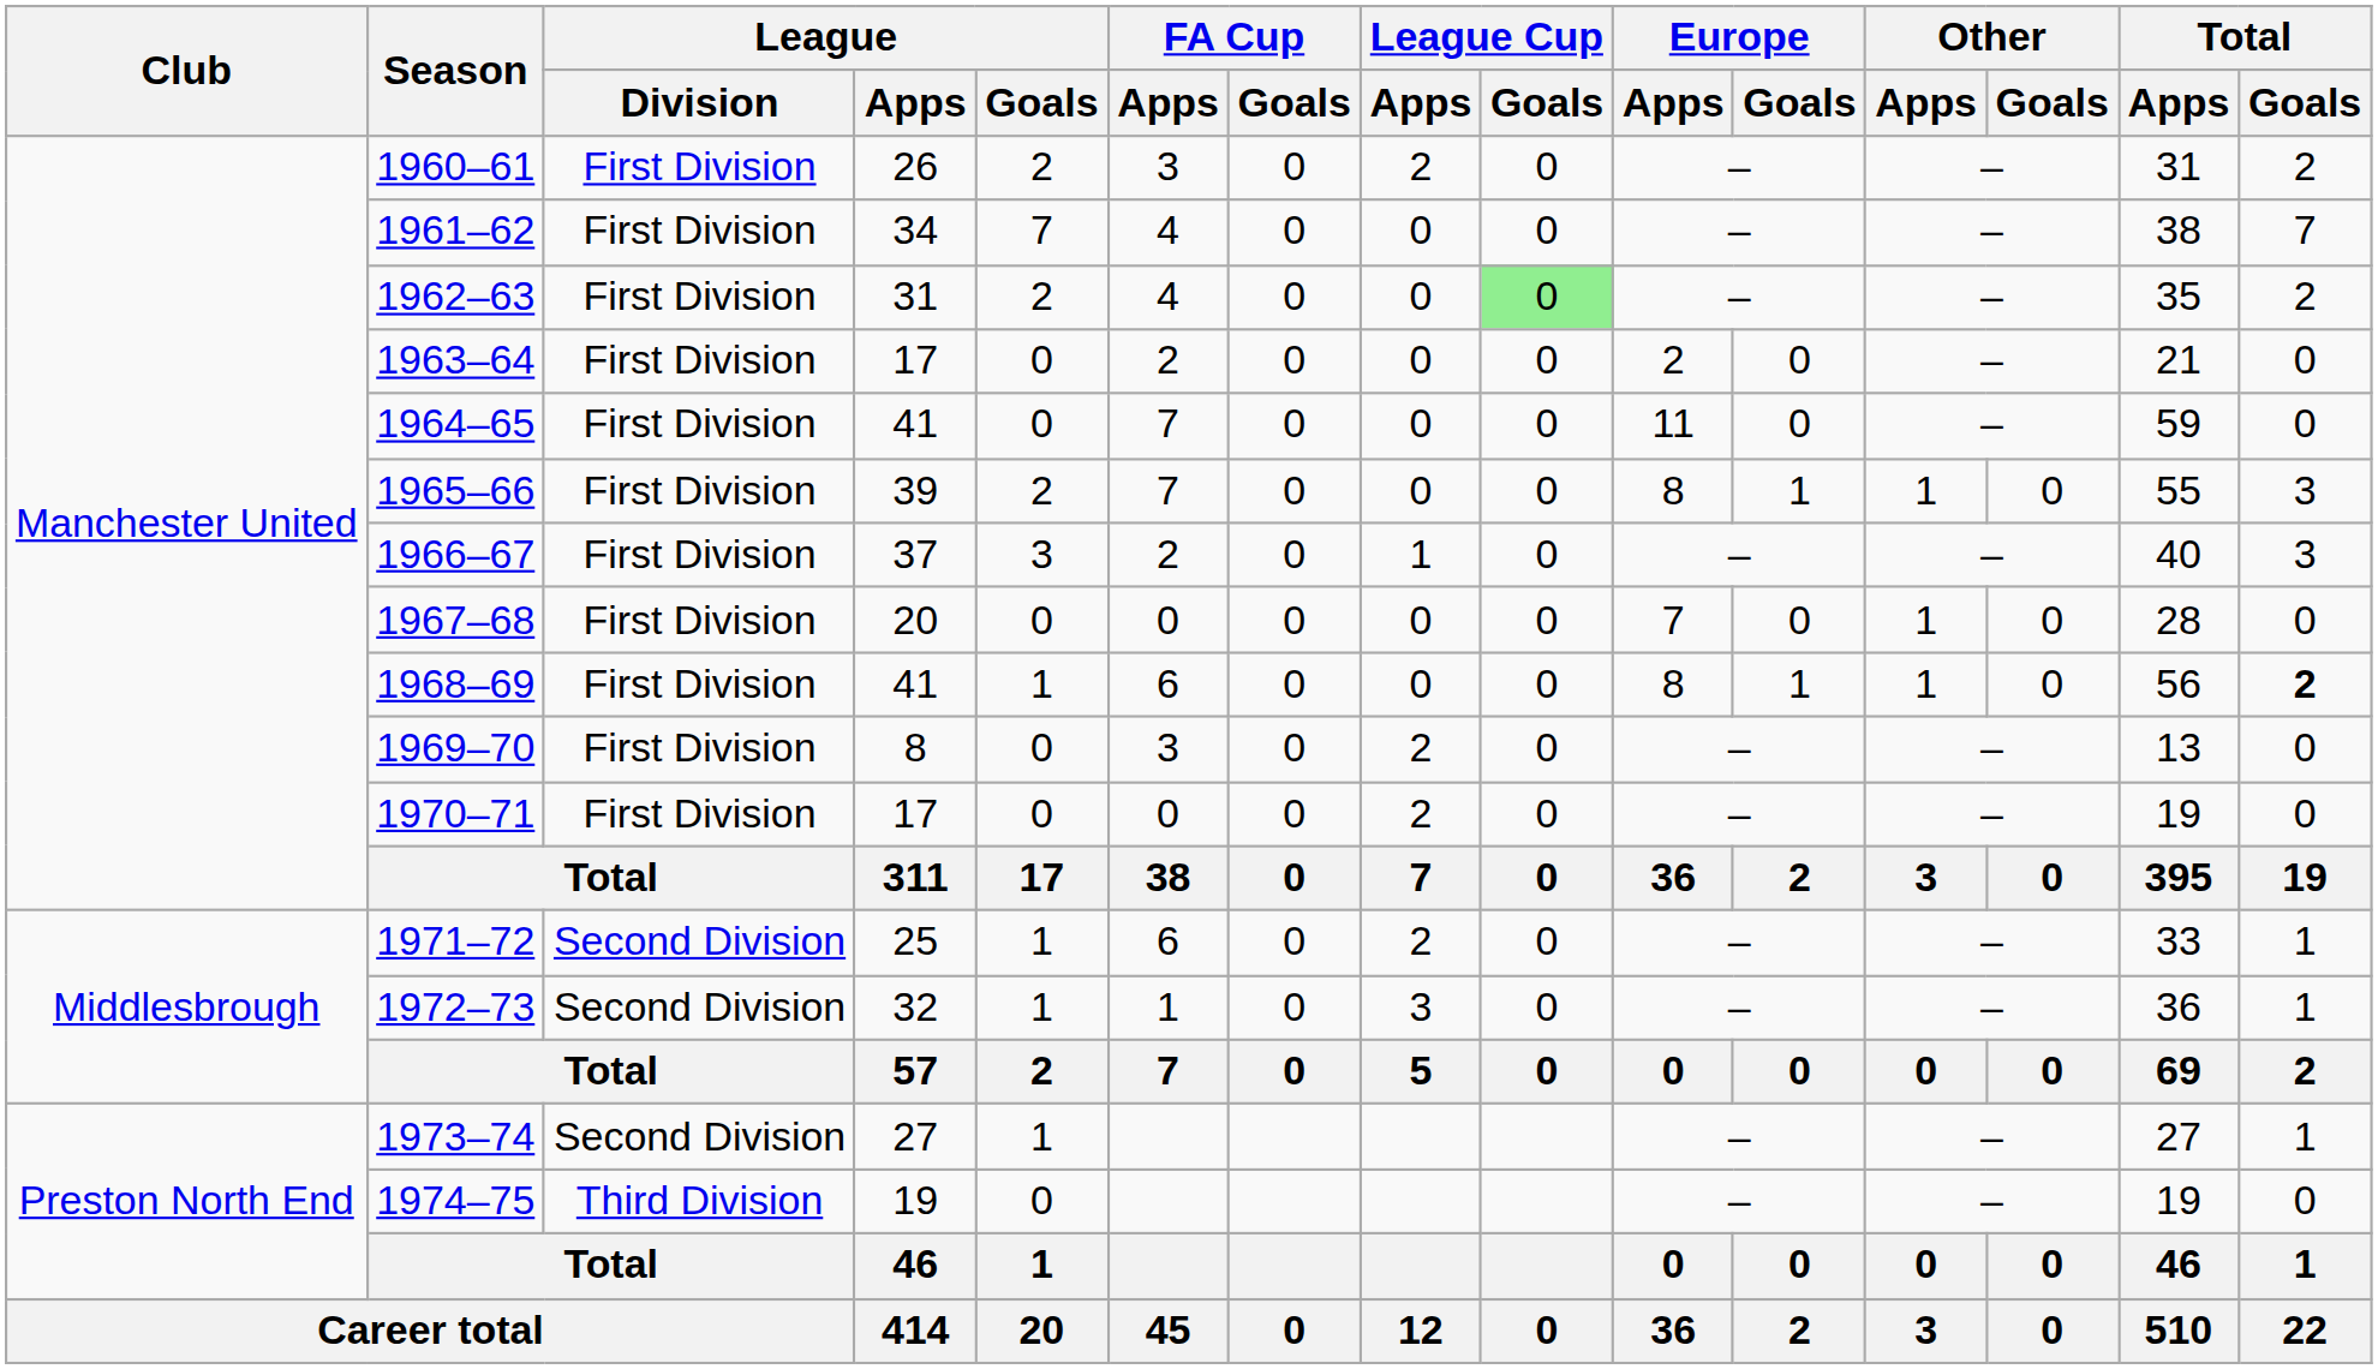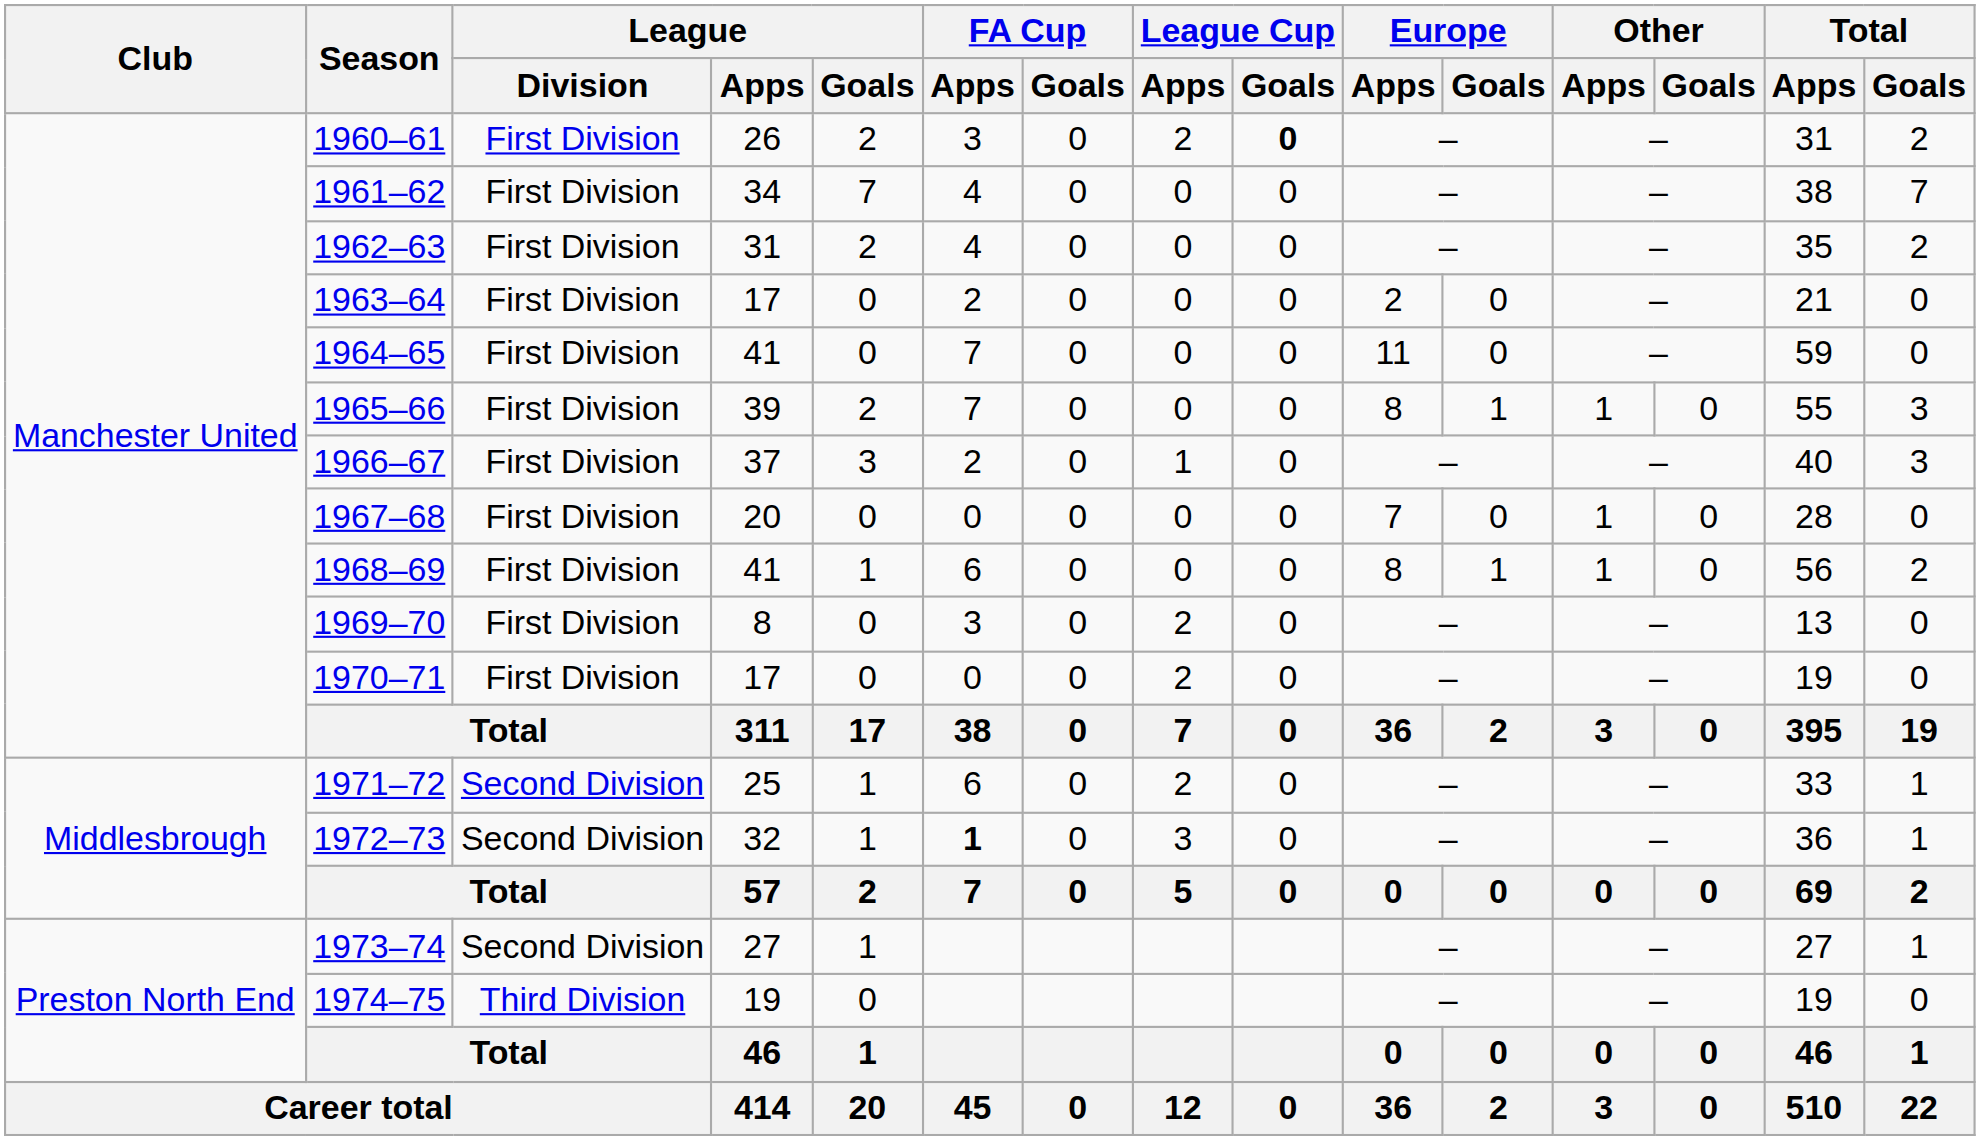 <table class="wikitable" style="text-align:center">
 <tr>
 <th rowspan="2">Club</th>
 <th rowspan="2">Season</th>
 <th colspan="3">League</th>
 <th colspan="2"><a href='#'>FA Cup</a></th>
 <th colspan="2"><a href='#'>League Cup</a></th>
 <th colspan="2"><a href='#'>Europe</a></th>
 <th colspan="2">Other</th>
 <th colspan="2">Total</th>
 </tr>
 <tr>
 <th>Division</th>
 <th>Apps</th>
 <th>Goals</th>
 <th>Apps</th>
 <th>Goals</th>
 <th>Apps</th>
 <th>Goals</th>
 <th>Apps</th>
 <th>Goals</th>
 <th>Apps</th>
 <th>Goals</th>
 <th>Apps</th>
 <th>Goals</th>
 </tr>
 <tr>
 <td rowspan="12"><a href='#'>Manchester United</a></td>
 <td><a href='#'>1960–61</a></td>
 <td><a href='#'>First Division</a></td>
 <td>26</td>
 <td>2</td>
 <td>3</td>
 <td>0</td>
 <td>2</td>
-<td>0</td>
+<td><strong>0</strong></td>
 <td colspan="2">–</td>
 <td colspan="2">–</td>
 <td>31</td>
 <td>2</td>
 </tr>
 <tr>
 <td><a href='#'>1961–62</a></td>
 <td>First Division</td>
 <td>34</td>
 <td>7</td>
 <td>4</td>
 <td>0</td>
 <td>0</td>
 <td>0</td>
 <td colspan="2">–</td>
 <td colspan="2">–</td>
 <td>38</td>
 <td>7</td>
 </tr>
 <tr>
 <td><a href='#'>1962–63</a></td>
 <td>First Division</td>
 <td>31</td>
 <td>2</td>
 <td>4</td>
 <td>0</td>
 <td>0</td>
-<td style="background: lightgreen;">0</td>
+<td>0</td>
 <td colspan="2">–</td>
 <td colspan="2">–</td>
 <td>35</td>
 <td>2</td>
 </tr>
 <tr>
 <td><a href='#'>1963–64</a></td>
 <td>First Division</td>
 <td>17</td>
 <td>0</td>
 <td>2</td>
 <td>0</td>
 <td>0</td>
 <td>0</td>
 <td>2</td>
 <td>0</td>
 <td colspan="2">–</td>
 <td>21</td>
 <td>0</td>
 </tr>
 <tr>
 <td><a href='#'>1964–65</a></td>
 <td>First Division</td>
 <td>41</td>
 <td>0</td>
 <td>7</td>
 <td>0</td>
 <td>0</td>
 <td>0</td>
 <td>11</td>
 <td>0</td>
 <td colspan="2">–</td>
 <td>59</td>
 <td>0</td>
 </tr>
 <tr>
 <td><a href='#'>1965–66</a></td>
 <td>First Division</td>
 <td>39</td>
 <td>2</td>
 <td>7</td>
 <td>0</td>
 <td>0</td>
 <td>0</td>
 <td>8</td>
 <td>1</td>
 <td>1</td>
 <td>0</td>
 <td>55</td>
 <td>3</td>
 </tr>
 <tr>
 <td><a href='#'>1966–67</a></td>
 <td>First Division</td>
 <td>37</td>
 <td>3</td>
 <td>2</td>
 <td>0</td>
 <td>1</td>
 <td>0</td>
 <td colspan="2">–</td>
 <td colspan="2">–</td>
 <td>40</td>
 <td>3</td>
 </tr>
 <tr>
 <td><a href='#'>1967–68</a></td>
 <td>First Division</td>
 <td>20</td>
 <td>0</td>
 <td>0</td>
 <td>0</td>
 <td>0</td>
 <td>0</td>
 <td>7</td>
 <td>0</td>
 <td>1</td>
 <td>0</td>
 <td>28</td>
 <td>0</td>
 </tr>
 <tr>
 <td><a href='#'>1968–69</a></td>
 <td>First Division</td>
 <td>41</td>
 <td>1</td>
 <td>6</td>
 <td>0</td>
 <td>0</td>
 <td>0</td>
 <td>8</td>
 <td>1</td>
 <td>1</td>
 <td>0</td>
 <td>56</td>
-<td><strong>2</strong></td>
+<td>2</td>
 </tr>
 <tr>
 <td><a href='#'>1969–70</a></td>
 <td>First Division</td>
 <td>8</td>
 <td>0</td>
 <td>3</td>
 <td>0</td>
 <td>2</td>
 <td>0</td>
 <td colspan="2">–</td>
 <td colspan="2">–</td>
 <td>13</td>
 <td>0</td>
 </tr>
 <tr>
 <td><a href='#'>1970–71</a></td>
 <td>First Division</td>
 <td>17</td>
 <td>0</td>
 <td>0</td>
 <td>0</td>
 <td>2</td>
 <td>0</td>
 <td colspan="2">–</td>
 <td colspan="2">–</td>
 <td>19</td>
 <td>0</td>
 </tr>
 <tr>
 <th colspan="2">Total</th>
 <th>311</th>
 <th>17</th>
 <th>38</th>
 <th>0</th>
 <th>7</th>
 <th>0</th>
 <th>36</th>
 <th>2</th>
 <th>3</th>
 <th>0</th>
 <th>395</th>
 <th>19</th>
 </tr>
 <tr>
 <td rowspan="3"><a href='#'>Middlesbrough</a></td>
 <td><a href='#'>1971–72</a></td>
 <td><a href='#'>Second Division</a></td>
 <td>25</td>
 <td>1</td>
 <td>6</td>
 <td>0</td>
 <td>2</td>
 <td>0</td>
 <td colspan="2">–</td>
 <td colspan="2">–</td>
 <td>33</td>
 <td>1</td>
 </tr>
 <tr>
 <td><a href='#'>1972–73</a></td>
 <td>Second Division</td>
 <td>32</td>
 <td>1</td>
-<td>1</td>
+<td><strong>1</strong></td>
 <td>0</td>
 <td>3</td>
 <td>0</td>
 <td colspan="2">–</td>
 <td colspan="2">–</td>
 <td>36</td>
 <td>1</td>
 </tr>
 <tr>
 <th colspan="2">Total</th>
 <th>57</th>
 <th>2</th>
 <th>7</th>
 <th>0</th>
 <th>5</th>
 <th>0</th>
 <th>0</th>
 <th>0</th>
 <th>0</th>
 <th>0</th>
 <th>69</th>
 <th>2</th>
 </tr>
 <tr>
 <td rowspan="3"><a href='#'>Preston North End</a></td>
 <td><a href='#'>1973–74</a></td>
 <td>Second Division</td>
 <td>27</td>
 <td>1</td>
 <td></td>
 <td></td>
 <td></td>
 <td></td>
 <td colspan="2">–</td>
 <td colspan="2">–</td>
 <td>27</td>
 <td>1</td>
 </tr>
 <tr>
 <td><a href='#'>1974–75</a></td>
 <td><a href='#'>Third Division</a></td>
 <td>19</td>
 <td>0</td>
 <td></td>
 <td></td>
 <td></td>
 <td></td>
 <td colspan="2">–</td>
 <td colspan="2">–</td>
 <td>19</td>
 <td>0</td>
 </tr>
 <tr>
 <th colspan="2">Total</th>
 <th>46</th>
 <th>1</th>
 <th></th>
 <th></th>
 <th></th>
 <th></th>
 <th>0</th>
 <th>0</th>
 <th>0</th>
 <th>0</th>
 <th>46</th>
 <th>1</th>
 </tr>
 <tr>
 <th colspan="3">Career total</th>
 <th>414</th>
 <th>20</th>
 <th>45</th>
 <th>0</th>
 <th>12</th>
 <th>0</th>
 <th>36</th>
 <th>2</th>
 <th>3</th>
 <th>0</th>
 <th>510</th>
 <th>22</th>
 </tr>
 </table>
